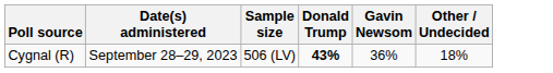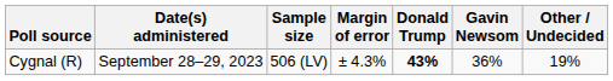 <table class="wikitable sortable mw-datatable" style="font-size:90%;text-align:center;line-height:17px">
 <tr valign=bottom>
 <th>Poll source</th>
 <th>Date(s)<br>administered</th>
 <th>Sample<br>size</th>
+<th>Margin<br>of error</th>
 <th class="unsortable">Donald<br>Trump<br></th>
 <th class="unsortable">Gavin<br>Newsom<br></th>
 <th class="unsortable">Other /<br>Undecided</th>
 </tr>
 <tr>
 <td style="text-align:left;">Cygnal (R)</td>
 <td data-sort-value=2023-09-29>September 28–29, 2023</td>
 <td>506 (LV)</td>
+<td>± 4.3%</td>
 <td style="background-color:"><strong>43%</strong></td>
 <td>36%</td>
-<td>18%</td>
+<td>19%</td>
 </tr>
 </table>
